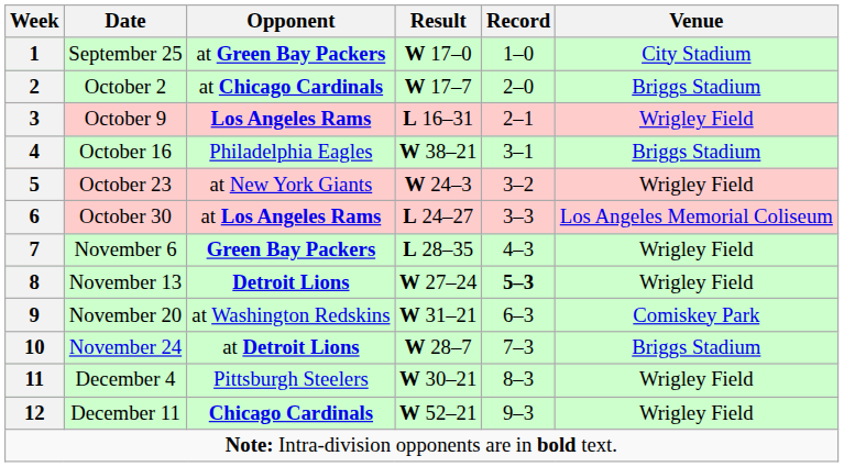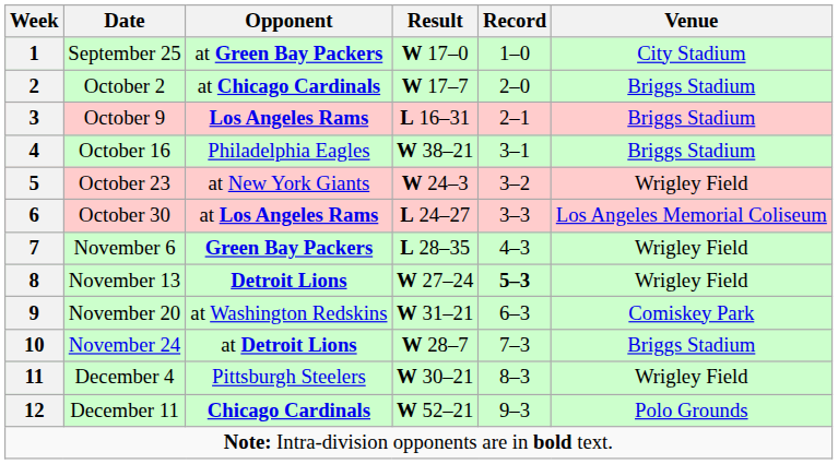 <table class="wikitable" style="text-align:center">
 <tr>
 <th>Week</th>
 <th>Date</th>
 <th>Opponent</th>
 <th>Result</th>
 <th>Record</th>
 <th>Venue</th>
 </tr>
 <tr style="background:#cfc">
 <th>1</th>
 <td>September 25</td>
 <td>at <strong><a href='#'>Green Bay Packers</a></strong></td>
 <td><strong>W</strong> 17–0</td>
 <td>1–0</td>
 <td><a href='#'>City Stadium</a></td>
 </tr>
 <tr style="background:#cfc">
 <th>2</th>
 <td>October 2</td>
 <td>at <strong><a href='#'>Chicago Cardinals</a></strong></td>
 <td><strong>W</strong> 17–7</td>
 <td>2–0</td>
 <td><a href='#'>Briggs Stadium</a></td>
 </tr>
 <tr style="background:#fcc">
 <th>3</th>
 <td>October 9</td>
 <td><strong><a href='#'>Los Angeles Rams</a></strong></td>
 <td><strong>L</strong> 16–31</td>
 <td>2–1</td>
-<td><a href='#'>Wrigley Field</a></td>
+<td><a href='#'>Briggs Stadium</a></td>
 </tr>
 <tr style="background:#cfc">
 <th>4</th>
 <td>October 16</td>
 <td><a href='#'>Philadelphia Eagles</a></td>
 <td><strong>W</strong> 38–21</td>
 <td>3–1</td>
 <td><a href='#'>Briggs Stadium</a></td>
 </tr>
 <tr style="background:#fcc">
 <th>5</th>
 <td>October 23</td>
 <td>at <a href='#'>New York Giants</a></td>
 <td><strong>W</strong> 24–3</td>
 <td>3–2</td>
 <td>Wrigley Field</td>
 </tr>
 <tr style="background:#fcc">
 <th>6</th>
 <td>October 30</td>
 <td>at <strong><a href='#'>Los Angeles Rams</a></strong></td>
 <td><strong>L</strong> 24–27</td>
 <td>3–3</td>
 <td><a href='#'>Los Angeles Memorial Coliseum</a></td>
 </tr>
 <tr style="background:#cfc">
 <th>7</th>
 <td>November 6</td>
 <td><strong><a href='#'>Green Bay Packers</a></strong></td>
 <td><strong>L</strong> 28–35</td>
 <td>4–3</td>
 <td>Wrigley Field</td>
 </tr>
 <tr style="background:#cfc">
 <th>8</th>
 <td>November 13</td>
 <td><strong><a href='#'>Detroit Lions</a></strong></td>
 <td><strong>W</strong> 27–24</td>
 <td><strong>5–3</strong></td>
 <td>Wrigley Field</td>
 </tr>
 <tr style="background:#cfc">
 <th>9</th>
 <td>November 20</td>
 <td>at <a href='#'>Washington Redskins</a></td>
 <td><strong>W</strong> 31–21</td>
 <td>6–3</td>
 <td><a href='#'>Comiskey Park</a></td>
 </tr>
 <tr style="background:#cfc">
 <th>10</th>
 <td><a href='#'>November 24</a></td>
 <td>at <strong><a href='#'>Detroit Lions</a></strong></td>
 <td><strong>W</strong> 28–7</td>
 <td>7–3</td>
 <td><a href='#'>Briggs Stadium</a></td>
 </tr>
 <tr style="background:#cfc">
 <th>11</th>
 <td>December 4</td>
 <td><a href='#'>Pittsburgh Steelers</a></td>
 <td><strong>W</strong> 30–21</td>
 <td>8–3</td>
 <td>Wrigley Field</td>
 </tr>
 <tr style="background:#cfc">
 <th>12</th>
 <td>December 11</td>
 <td><strong><a href='#'>Chicago Cardinals</a></strong></td>
 <td><strong>W</strong> 52–21</td>
 <td>9–3</td>
-<td>Wrigley Field</td>
+<td><a href='#'>Polo Grounds</a></td>
 </tr>
 <tr>
 <td colspan="8"><strong>Note:</strong> Intra-division opponents are in <strong>bold</strong> text.</td>
 </tr>
 </table>
